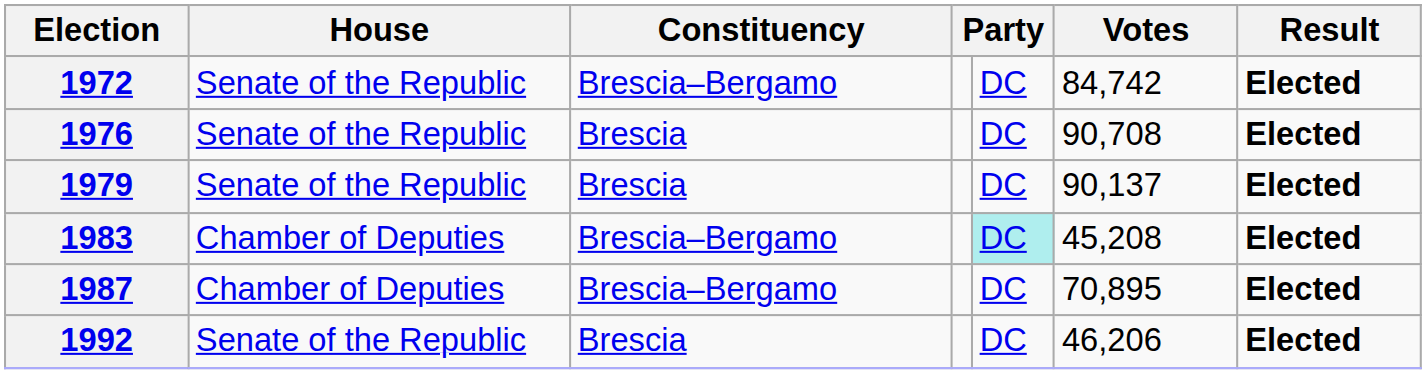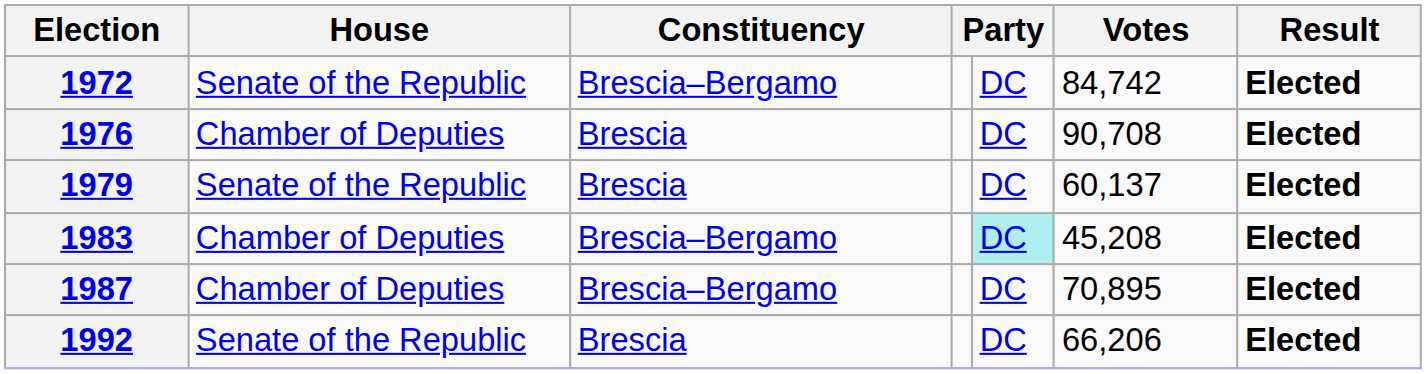 <table class=wikitable style="width:55%; border:1px #AAAAFF solid">
 <tr>
 <th width=12%>Election</th>
 <th width=25%>House</th>
 <th width=25%>Constituency</th>
 <th width=5% colspan="2">Party</th>
 <th width=12%>Votes</th>
 <th width=12%>Result</th>
 </tr>
 <tr>
 <th><a href='#'>1972</a></th>
 <td><a href='#'>Senate of the Republic</a></td>
 <td><a href='#'>Brescia–Bergamo</a></td>
 <td></td>
 <td><a href='#'>DC</a></td>
 <td>84,742</td>
 <td> <strong>Elected</strong></td>
 </tr>
 <tr>
 <th><a href='#'>1976</a></th>
-<td><a href='#'>Senate of the Republic</a></td>
+<td><a href='#'>Chamber of Deputies</a></td>
 <td><a href='#'>Brescia</a></td>
 <td></td>
 <td><a href='#'>DC</a></td>
 <td>90,708</td>
 <td> <strong>Elected</strong></td>
 </tr>
 <tr>
 <th><a href='#'>1979</a></th>
 <td><a href='#'>Senate of the Republic</a></td>
 <td><a href='#'>Brescia</a></td>
 <td></td>
 <td><a href='#'>DC</a></td>
-<td>90,137</td>
+<td>60,137</td>
 <td> <strong>Elected</strong></td>
 </tr>
 <tr>
 <th><a href='#'>1983</a></th>
 <td><a href='#'>Chamber of Deputies</a></td>
 <td><a href='#'>Brescia–Bergamo</a></td>
 <td></td>
 <td style="background: paleturquoise;"><a href='#'>DC</a></td>
 <td>45,208</td>
 <td> <strong>Elected</strong></td>
 </tr>
 <tr>
 <th><a href='#'>1987</a></th>
 <td><a href='#'>Chamber of Deputies</a></td>
 <td><a href='#'>Brescia–Bergamo</a></td>
 <td></td>
 <td><a href='#'>DC</a></td>
 <td>70,895</td>
 <td> <strong>Elected</strong></td>
 </tr>
 <tr>
 <th><a href='#'>1992</a></th>
 <td><a href='#'>Senate of the Republic</a></td>
 <td><a href='#'>Brescia</a></td>
 <td></td>
 <td><a href='#'>DC</a></td>
-<td>46,206</td>
+<td>66,206</td>
 <td> <strong>Elected</strong></td>
 </tr>
 <tr>
 </tr>
 </table>
